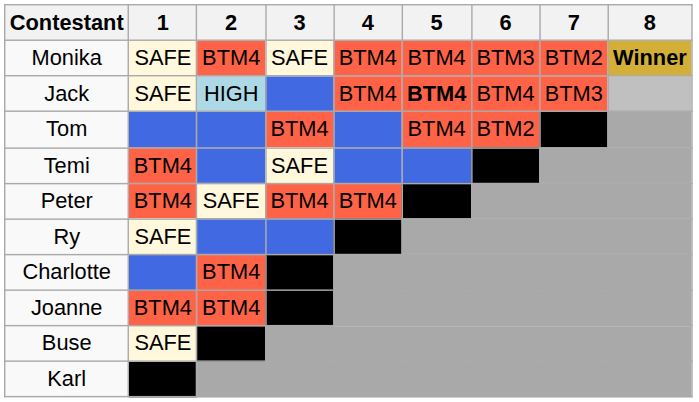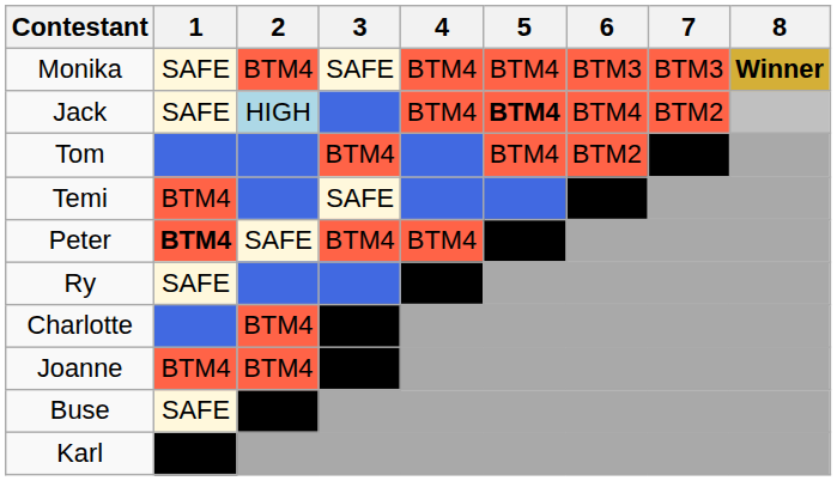 <table class="wikitable" border="2" style="text-align:center;font-size:96%">
 <tr>
 <th>Contestant</th>
 <th>1</th>
 <th>2</th>
 <th>3</th>
 <th>4</th>
 <th>5</th>
 <th>6</th>
 <th>7</th>
 <th>8</th>
 </tr>
 <tr>
 <td>Monika</td>
 <td style="background:cornsilk;">SAFE</td>
 <td style="background:tomato;">BTM4</td>
 <td style="background:cornsilk;">SAFE</td>
 <td style="background:tomato;">BTM4</td>
 <td style="background:tomato;">BTM4</td>
 <td style="background:tomato;">BTM3</td>
-<td style="background:tomato;">BTM2</td>
+<td style="background:tomato;">BTM3</td>
 <td style="background:#D4AF37;" nowrap><strong>Winner</strong></td>
 </tr>
 <tr>
 <td>Jack</td>
 <td style="background:cornsilk;">SAFE</td>
 <td style="background:lightblue;”">HIGH</td>
 <td style="background:royalblue;”"><strong></strong></td>
 <td style="background:tomato;">BTM4</td>
 <td style="background:tomato;"><strong>BTM4</strong></td>
 <td style="background:tomato;">BTM4</td>
-<td style="background:tomato;">BTM3</td>
+<td style="background:tomato;">BTM2</td>
 <td style="background:silver"><strong></strong></td>
 </tr>
 <tr>
 <td>Tom</td>
 <td style="background:royalblue;”"><strong></strong></td>
 <td style="background:royalblue;”"><strong></strong></td>
 <td style="background:tomato;">BTM4</td>
 <td style="background:royalblue;”"><strong></strong></td>
 <td style="background:tomato;">BTM4</td>
 <td style="background:tomato;">BTM2</td>
 <td style="background:black;"><strong></strong></td>
 <td colspan="10" style="background:darkgrey;"></td>
 </tr>
 <tr>
 <td>Temi</td>
 <td style="background:tomato;">BTM4</td>
 <td style="background:royalblue;”"><strong></strong></td>
 <td style="background:cornsilk;">SAFE</td>
 <td style="background:royalblue;”"><strong></strong></td>
 <td style="background:royalblue;”"><strong></strong></td>
 <td style="background:black;"><strong></strong></td>
 <td colspan="10" style="background:darkgrey;"></td>
 </tr>
 <tr>
 <td>Peter</td>
-<td style="background:tomato;">BTM4</td>
+<td style="background:tomato;"><strong>BTM4</strong></td>
 <td style="background:cornsilk;">SAFE</td>
 <td style="background:tomato;">BTM4</td>
 <td style="background:tomato;">BTM4</td>
 <td style="background:black;"><strong></strong></td>
 <td colspan="10" style="background:darkgrey;"></td>
 </tr>
 <tr>
 <td>Ry</td>
 <td style="background:cornsilk;">SAFE</td>
 <td style="background:royalblue;”"><strong></strong></td>
 <td style="background:royalblue;”"><strong></strong></td>
 <td style="background:black;"><strong></strong></td>
 <td colspan="10" style="background:darkgrey;"></td>
 </tr>
 <tr>
 <td>Charlotte</td>
 <td style="background:royalblue;”"><strong></strong></td>
 <td style="background:tomato;">BTM4</td>
 <td style="background:black;"><strong></strong></td>
 <td colspan="10" style="background:darkgrey;"></td>
 </tr>
 <tr>
 <td>Joanne</td>
 <td style="background:tomato;">BTM4</td>
 <td style="background:tomato;">BTM4</td>
 <td style="background:black;"><strong></strong></td>
 <td colspan="10" style="background:darkgrey;"></td>
 </tr>
 <tr>
 <td>Buse</td>
 <td style="background:cornsilk;">SAFE</td>
 <td style="background:black;"><strong></strong></td>
 <td colspan="10" style="background:darkgrey;"></td>
 </tr>
 <tr>
 <td>Karl</td>
 <td style="background:black;"><strong></strong></td>
 <td colspan="10" style="background:darkgrey;"></td>
 </tr>
 </table>
